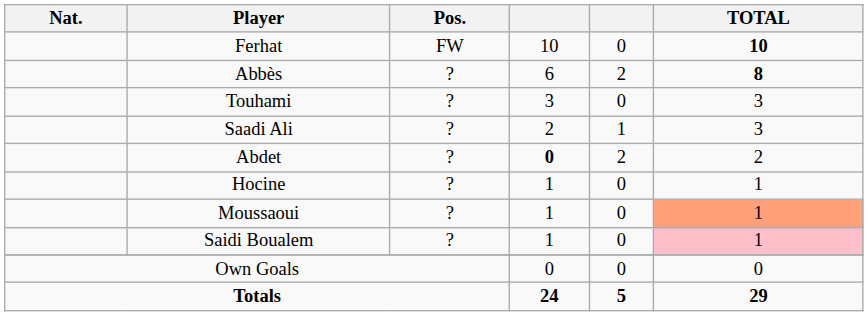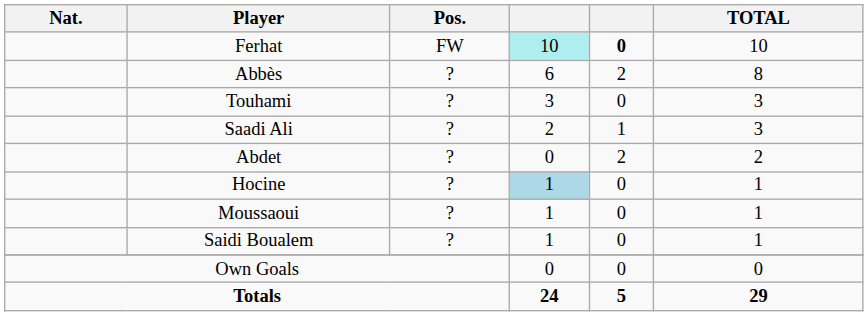 <table class="wikitable sortable alternance"  style="font-size:85%; text-align:center; line-height:14px; width:50%;">
 <tr>
 <th width=10>Nat.</th>
 <th width=60>Player</th>
 <th width=10>Pos.</th>
 <th width=10></th>
 <th width=10></th>
 <th width=10>TOTAL</th>
 </tr>
 <tr>
 <td></td>
 <td>Ferhat</td>
 <td>FW</td>
+<td style="background: paleturquoise;">10</td>
+<td><strong>0</strong></td>
 <td>10</td>
-<td>0</td>
-<td><strong>10</strong></td>
 </tr>
 <tr>
 <td></td>
 <td>Abbès</td>
 <td>?</td>
 <td>6</td>
 <td>2</td>
-<td><strong>8</strong></td>
+<td>8</td>
 </tr>
 <tr>
 <td></td>
 <td>Touhami</td>
 <td>?</td>
 <td>3</td>
 <td>0</td>
 <td>3</td>
 </tr>
 <tr>
 <td></td>
 <td>Saadi Ali</td>
 <td>?</td>
 <td>2</td>
 <td>1</td>
 <td>3</td>
 </tr>
 <tr>
 <td></td>
 <td>Abdet</td>
 <td>?</td>
-<td><strong>0</strong></td>
+<td>0</td>
 <td>2</td>
 <td>2</td>
 </tr>
 <tr>
 <td></td>
 <td>Hocine</td>
 <td>?</td>
-<td>1</td>
+<td style="background: lightblue;">1</td>
 <td>0</td>
 <td>1</td>
 </tr>
 <tr>
 <td></td>
 <td>Moussaoui</td>
 <td>?</td>
 <td>1</td>
 <td>0</td>
-<td style="background: lightsalmon;">1</td>
+<td>1</td>
 </tr>
 <tr>
 <td></td>
 <td>Saidi Boualem</td>
 <td>?</td>
 <td>1</td>
 <td>0</td>
-<td style="background: pink;">1</td>
+<td>1</td>
 </tr>
 <tr>
 </tr>
 <tr class="sortbottom">
 <td colspan="3">Own Goals</td>
 <td>0</td>
 <td>0</td>
 <td>0</td>
 </tr>
 <tr class="sortbottom">
 <td colspan="3"><strong>Totals</strong></td>
 <td><strong>24</strong></td>
 <td><strong>5</strong></td>
 <td><strong>29</strong></td>
 </tr>
 </table>
